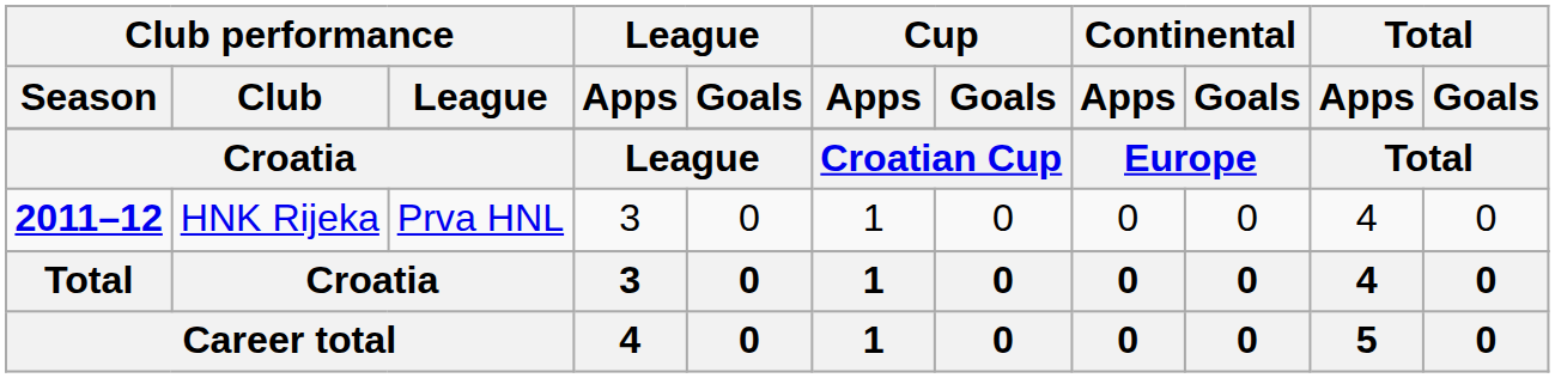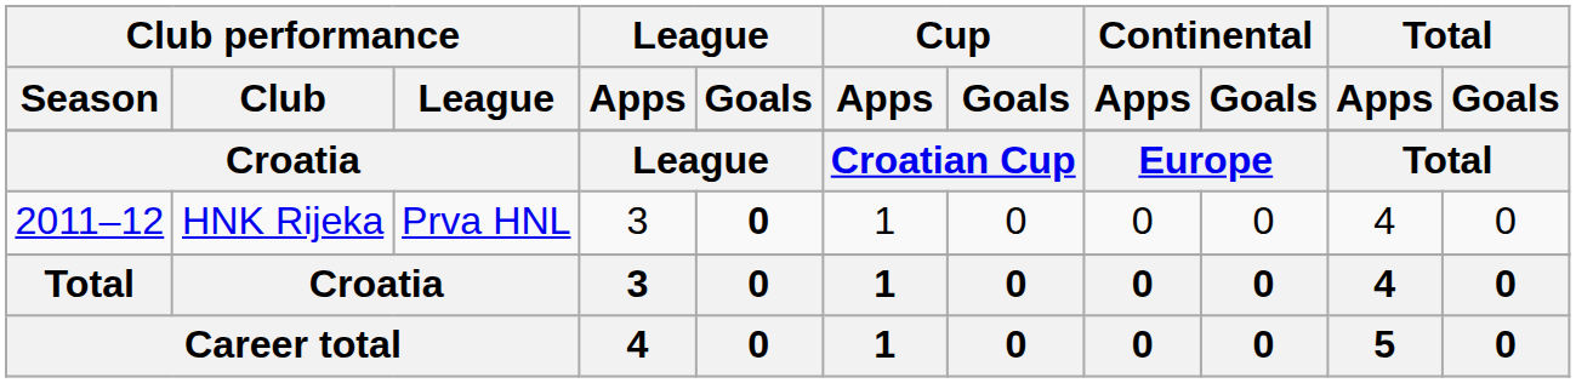 <table class="wikitable" style="text-align:center">
 <tr>
 <th colspan=3>Club performance</th>
 <th colspan=2>League</th>
 <th colspan=2>Cup</th>
 <th colspan=2>Continental</th>
 <th colspan=2>Total</th>
 </tr>
 <tr>
 <th>Season</th>
 <th>Club</th>
 <th>League</th>
 <th>Apps</th>
 <th>Goals</th>
 <th>Apps</th>
 <th>Goals</th>
 <th>Apps</th>
 <th>Goals</th>
 <th>Apps</th>
 <th>Goals</th>
 </tr>
 <tr>
 </tr>
 <tr>
 <th colspan=3>Croatia</th>
 <th colspan=2>League</th>
 <th colspan=2><a href='#'>Croatian Cup</a></th>
 <th colspan=2><a href='#'>Europe</a></th>
 <th colspan=2>Total</th>
 </tr>
 <tr>
-<td><strong><a href='#'>2011–12</a></strong></td>
+<td><a href='#'>2011–12</a></td>
 <td rowspan="1"><a href='#'>HNK Rijeka</a></td>
 <td rowspan="1"><a href='#'>Prva HNL</a></td>
 <td>3</td>
-<td>0</td>
+<td><strong>0</strong></td>
 <td>1</td>
 <td>0</td>
 <td>0</td>
 <td>0</td>
 <td>4</td>
 <td>0</td>
 </tr>
 <tr>
 </tr>
 <tr>
 <th rowspan=1>Total</th>
 <th colspan=2>Croatia</th>
 <th>3</th>
 <th>0</th>
 <th>1</th>
 <th>0</th>
 <th>0</th>
 <th>0</th>
 <th>4</th>
 <th>0</th>
 </tr>
 <tr>
 <th colspan=3>Career total</th>
 <th>4</th>
 <th>0</th>
 <th>1</th>
 <th>0</th>
 <th>0</th>
 <th>0</th>
 <th>5</th>
 <th>0</th>
 </tr>
 </table>
